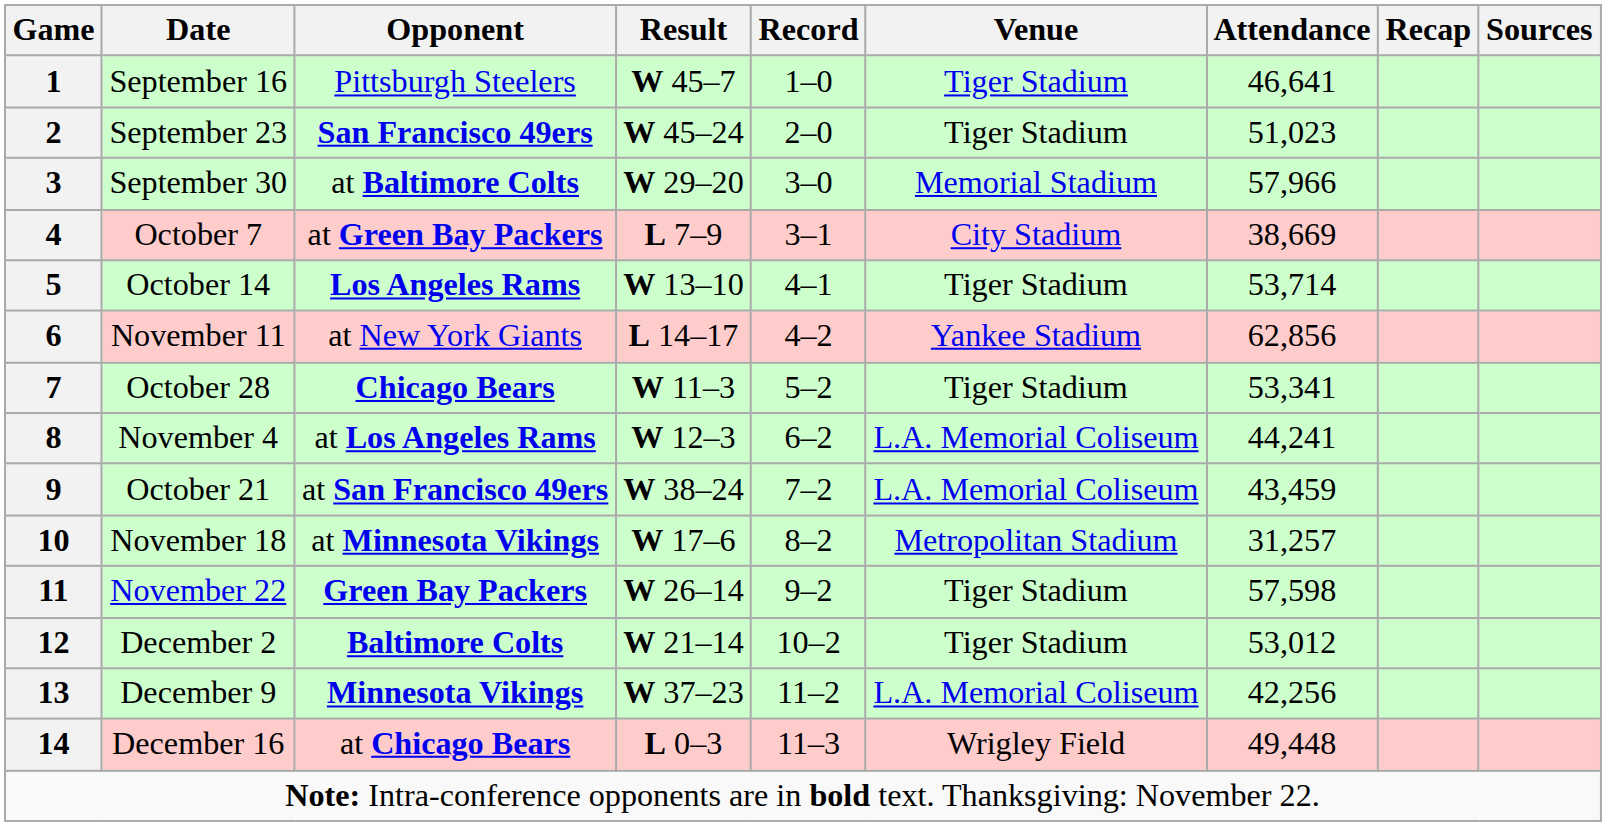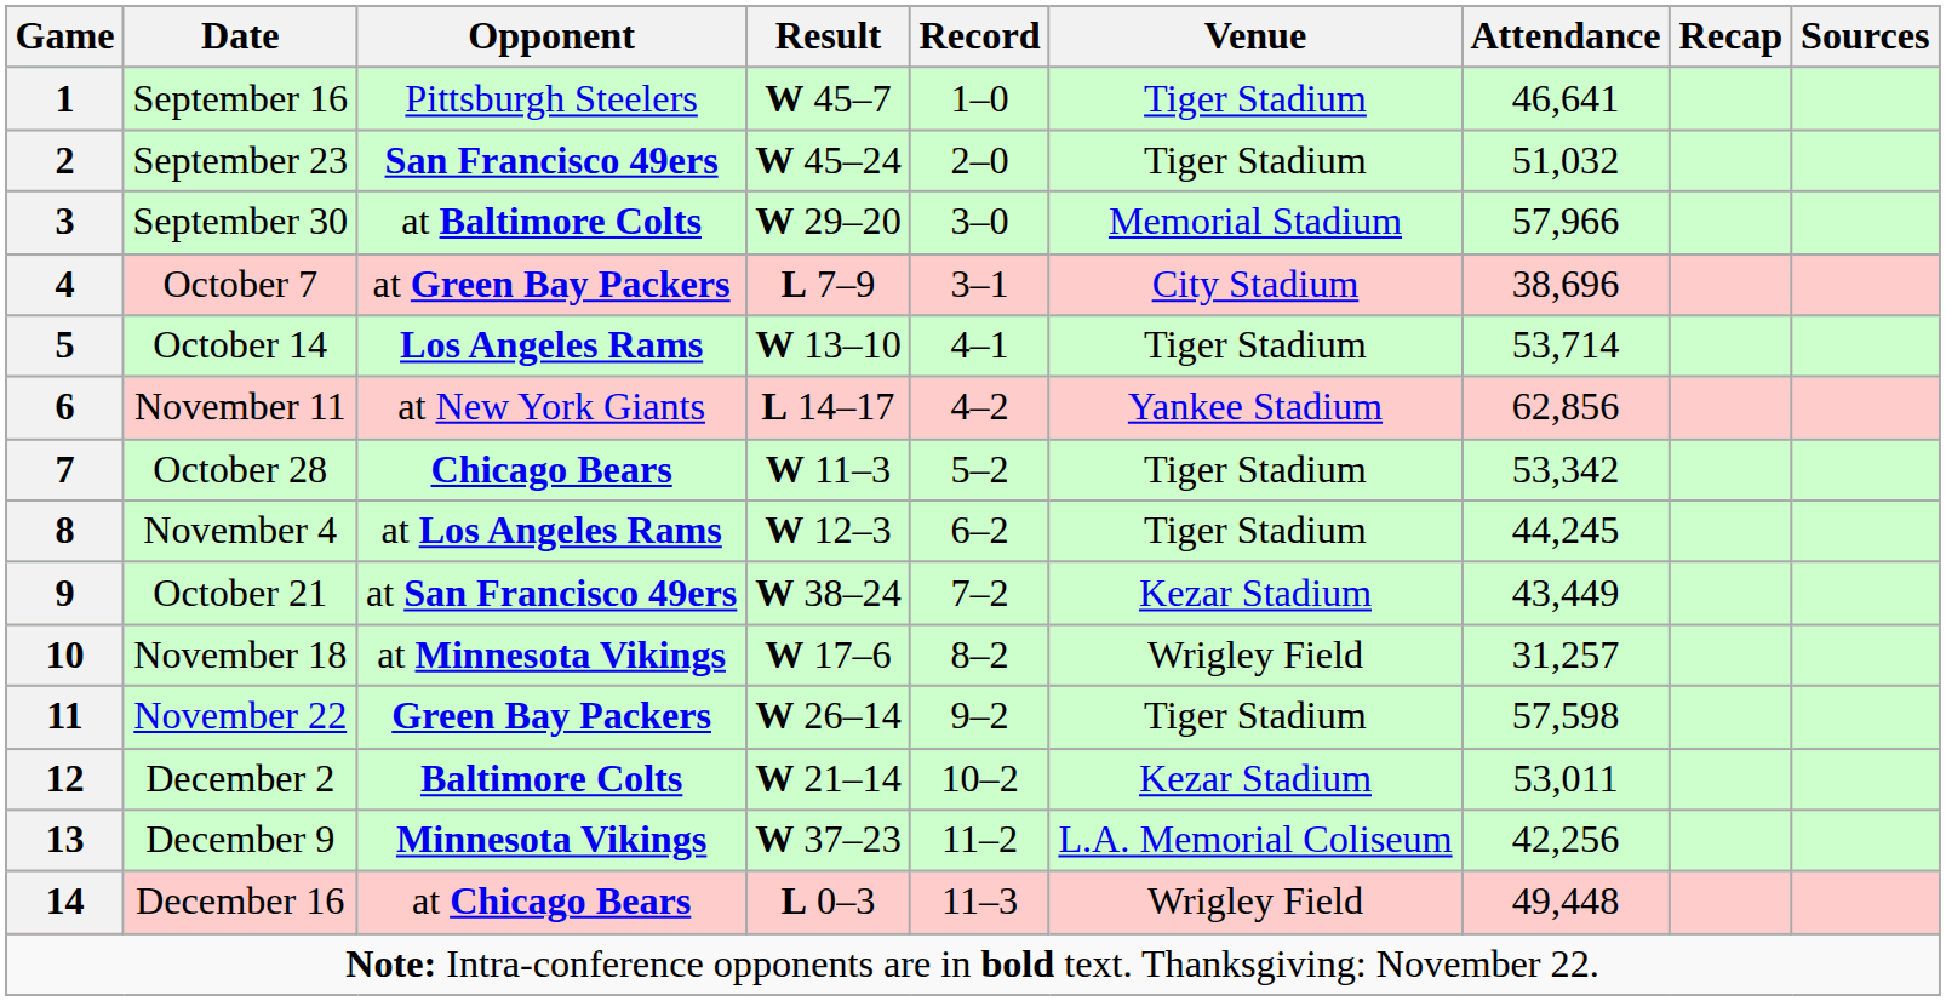 <table class="wikitable" style="text-align:center">
 <tr>
 <th>Game</th>
 <th>Date</th>
 <th>Opponent</th>
 <th>Result</th>
 <th>Record</th>
 <th>Venue</th>
 <th>Attendance</th>
 <th>Recap</th>
 <th>Sources</th>
 </tr>
 <tr style="background:#cfc">
 <th>1</th>
 <td>September 16</td>
 <td><a href='#'>Pittsburgh Steelers</a></td>
 <td><strong>W</strong> 45–7</td>
 <td>1–0</td>
 <td><a href='#'>Tiger Stadium</a></td>
 <td>46,641</td>
 <td></td>
 <td></td>
 </tr>
 <tr style="background:#cfc">
 <th>2</th>
 <td>September 23</td>
 <td><strong><a href='#'>San Francisco 49ers</a></strong></td>
 <td><strong>W</strong> 45–24</td>
 <td>2–0</td>
 <td>Tiger Stadium</td>
-<td>51,023</td>
+<td>51,032</td>
 <td></td>
 <td></td>
 </tr>
 <tr style="background:#cfc">
 <th>3</th>
 <td>September 30</td>
 <td>at <strong><a href='#'>Baltimore Colts</a></strong></td>
 <td><strong>W</strong> 29–20</td>
 <td>3–0</td>
 <td><a href='#'>Memorial Stadium</a></td>
 <td>57,966</td>
 <td></td>
 <td></td>
 </tr>
 <tr style="background:#fcc">
 <th>4</th>
 <td>October 7</td>
 <td>at <strong><a href='#'>Green Bay Packers</a></strong></td>
 <td><strong>L</strong> 7–9</td>
 <td>3–1</td>
 <td><a href='#'>City Stadium</a></td>
-<td>38,669</td>
+<td>38,696</td>
 <td></td>
 <td></td>
 </tr>
 <tr style="background:#cfc">
 <th>5</th>
 <td>October 14</td>
 <td><strong><a href='#'>Los Angeles Rams</a></strong></td>
 <td><strong>W</strong> 13–10</td>
 <td>4–1</td>
 <td>Tiger Stadium</td>
 <td>53,714</td>
 <td></td>
 <td></td>
 </tr>
 <tr style="background:#fcc">
 <th>6</th>
 <td>November 11</td>
 <td>at <a href='#'>New York Giants</a></td>
 <td><strong>L</strong> 14–17</td>
 <td>4–2</td>
 <td><a href='#'>Yankee Stadium</a></td>
 <td>62,856</td>
 <td></td>
 <td></td>
 </tr>
 <tr style="background:#cfc">
 <th>7</th>
 <td>October 28</td>
 <td><strong><a href='#'>Chicago Bears</a></strong></td>
 <td><strong>W</strong> 11–3</td>
 <td>5–2</td>
 <td>Tiger Stadium</td>
-<td>53,341</td>
+<td>53,342</td>
 <td></td>
 <td></td>
 </tr>
 <tr style="background:#cfc">
 <th>8</th>
 <td>November 4</td>
 <td>at <strong><a href='#'>Los Angeles Rams</a></strong></td>
 <td><strong>W</strong> 12–3</td>
 <td>6–2</td>
-<td><a href='#'>L.A. Memorial Coliseum</a></td>
-<td>44,241</td>
+<td>Tiger Stadium</td>
+<td>44,245</td>
 <td></td>
 <td></td>
 </tr>
 <tr style="background:#cfc">
 <th>9</th>
 <td>October 21</td>
 <td>at <strong><a href='#'>San Francisco 49ers</a></strong></td>
 <td><strong>W</strong> 38–24</td>
 <td>7–2</td>
-<td><a href='#'>L.A. Memorial Coliseum</a></td>
-<td>43,459</td>
+<td><a href='#'>Kezar Stadium</a></td>
+<td>43,449</td>
 <td></td>
 <td></td>
 </tr>
 <tr style="background:#cfc">
 <th>10</th>
 <td>November 18</td>
 <td>at <strong><a href='#'>Minnesota Vikings</a></strong></td>
 <td><strong>W</strong> 17–6</td>
 <td>8–2</td>
-<td><a href='#'>Metropolitan Stadium</a></td>
+<td>Wrigley Field</td>
 <td>31,257</td>
 <td></td>
 <td></td>
 </tr>
 <tr style="background:#cfc">
 <th>11</th>
 <td><a href='#'>November 22</a></td>
 <td><strong><a href='#'>Green Bay Packers</a></strong></td>
 <td><strong>W</strong> 26–14</td>
 <td>9–2</td>
 <td>Tiger Stadium</td>
 <td>57,598</td>
 <td></td>
 <td></td>
 </tr>
 <tr style="background:#cfc">
 <th>12</th>
 <td>December 2</td>
 <td><strong><a href='#'>Baltimore Colts</a></strong></td>
 <td><strong>W</strong> 21–14</td>
 <td>10–2</td>
-<td>Tiger Stadium</td>
-<td>53,012</td>
+<td><a href='#'>Kezar Stadium</a></td>
+<td>53,011</td>
 <td></td>
 <td></td>
 </tr>
 <tr style="background:#cfc">
 <th>13</th>
 <td>December 9</td>
 <td><strong><a href='#'>Minnesota Vikings</a></strong></td>
 <td><strong>W</strong> 37–23</td>
 <td>11–2</td>
 <td><a href='#'>L.A. Memorial Coliseum</a></td>
 <td>42,256</td>
 <td></td>
 <td></td>
 </tr>
 <tr style="background:#fcc">
 <th>14</th>
 <td>December 16</td>
 <td>at <strong><a href='#'>Chicago Bears</a></strong></td>
 <td><strong>L</strong> 0–3</td>
 <td>11–3</td>
 <td>Wrigley Field</td>
 <td>49,448</td>
 <td></td>
 <td></td>
 </tr>
 <tr>
 <td colspan="10"><strong>Note:</strong> Intra-conference opponents are in <strong>bold</strong> text. Thanksgiving: November 22.</td>
 </tr>
 </table>
